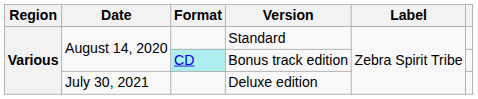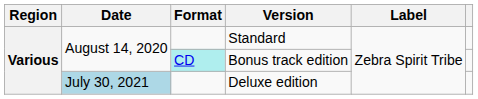 <table class="wikitable plainrowheaders">
 <tr>
 <th scope="col">Region</th>
 <th scope="col">Date</th>
 <th scope="col">Format</th>
 <th scope="col">Version</th>
 <th scope="col">Label</th>
 <th scope="col"></th>
 </tr>
 <tr>
 <th rowspan="3" scope="row">Various</th>
 <td rowspan="2">August 14, 2020</td>
 <td></td>
 <td>Standard</td>
 <td rowspan="3">Zebra Spirit Tribe</td>
 <td style="text-align:center;"></td>
 </tr>
 <tr>
 <td style="background: paleturquoise;"><a href='#'>CD</a></td>
 <td>Bonus track edition</td>
 <td style="text-align:center;"></td>
 </tr>
 <tr>
-<td>July 30, 2021</td>
+<td style="background: lightblue;">July 30, 2021</td>
 <td></td>
 <td>Deluxe edition</td>
 <td style="text-align:center;"></td>
 </tr>
 </table>
